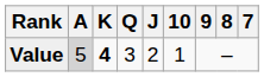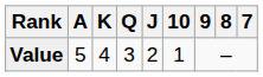 <table class="wikitable" align="right">
 <tr>
 <th>Rank</th>
 <th>A</th>
 <th>K</th>
 <th>Q</th>
 <th>J</th>
 <th>10</th>
 <th>9</th>
 <th>8</th>
 <th>7</th>
 </tr>
 <tr align="center">
 <td style="background:#efefef;"><strong>Value</strong></td>
-<td style="background: lightgrey;">5</td>
-<td><strong>4</strong></td>
+<td>5</td>
+<td>4</td>
 <td>3</td>
 <td>2</td>
 <td>1</td>
 <td colspan=3>–</td>
 </tr>
 </table>
